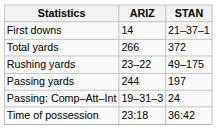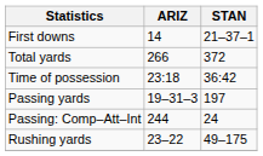 <table class="wikitable" style="float: left;">
 <tr>
 <th>Statistics</th>
 <th>ARIZ</th>
 <th>STAN</th>
 </tr>
 <tr>
 <td>First downs</td>
 <td>14</td>
 <td>21–37–1</td>
 </tr>
 <tr>
 <td>Total yards</td>
 <td>266</td>
 <td>372</td>
 </tr>
 <tr>
+<td>Time of possession</td>
+<td>23:18</td>
+<td>36:42</td>
+</tr>
+<tr>
+<td>Passing yards</td>
+<td>19–31–3</td>
+<td>197</td>
+</tr>
+<tr>
+<td>Passing: Comp–Att–Int</td>
+<td>244</td>
+<td>24</td>
+</tr>
+<tr>
 <td>Rushing yards</td>
 <td>23–22</td>
 <td>49–175</td>
 </tr>
 <tr>
-<td>Passing yards</td>
-<td>244</td>
-<td>197</td>
-</tr>
-<tr>
-<td>Passing: Comp–Att–Int</td>
-<td>19–31–3</td>
-<td>24</td>
-</tr>
-<tr>
-<td>Time of possession</td>
-<td>23:18</td>
-<td>36:42</td>
-</tr>
-<tr>
 </tr>
 </table>
